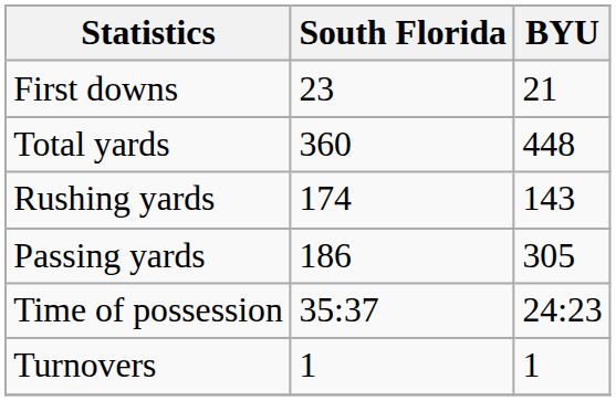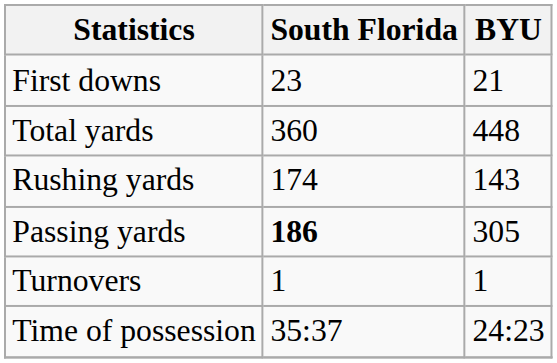 <table class="wikitable">
 <tr>
 <th>Statistics</th>
 <th>South Florida</th>
 <th>BYU</th>
 </tr>
 <tr>
 <td>First downs</td>
 <td>23</td>
 <td>21</td>
 </tr>
 <tr>
 <td>Total yards</td>
 <td>360</td>
 <td>448</td>
 </tr>
 <tr>
 <td>Rushing yards</td>
 <td>174</td>
 <td>143</td>
 </tr>
 <tr>
 <td>Passing yards</td>
-<td>186</td>
+<td><strong>186</strong></td>
 <td>305</td>
+</tr>
+<tr>
+<td>Turnovers</td>
+<td>1</td>
+<td>1</td>
 </tr>
 <tr>
 <td>Time of possession</td>
 <td>35:37</td>
 <td>24:23</td>
 </tr>
 <tr>
-<td>Turnovers</td>
-<td>1</td>
-<td>1</td>
-</tr>
-<tr>
 </tr>
 </table>
